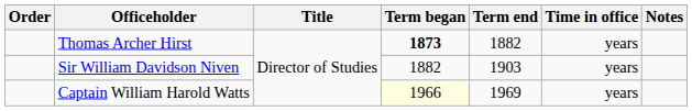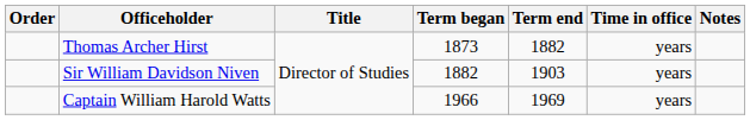 <table class="wikitable" width="auto" style="text-align: center">
 <tr>
 <th>Order</th>
 <th>Officeholder</th>
 <th>Title</th>
 <th>Term began</th>
 <th>Term end</th>
 <th>Time in office</th>
 <th>Notes</th>
 </tr>
 <tr>
 <td></td>
 <td align=left><a href='#'>Thomas Archer Hirst</a></td>
 <td align=left rowspan=3>Director of Studies</td>
-<td><strong>1873</strong></td>
+<td>1873</td>
 <td>1882</td>
 <td align=right> years</td>
 <td></td>
 </tr>
 <tr>
 <td></td>
 <td align=left><a href='#'>Sir William Davidson Niven</a></td>
 <td>1882</td>
 <td>1903</td>
 <td align=right> years</td>
 <td></td>
 </tr>
 <tr>
 <td></td>
 <td align=left><a href='#'>Captain</a> William Harold Watts </td>
-<td style="background: lightyellow;">1966</td>
+<td>1966</td>
 <td>1969</td>
 <td align=right> years</td>
 <td></td>
 </tr>
 </table>
